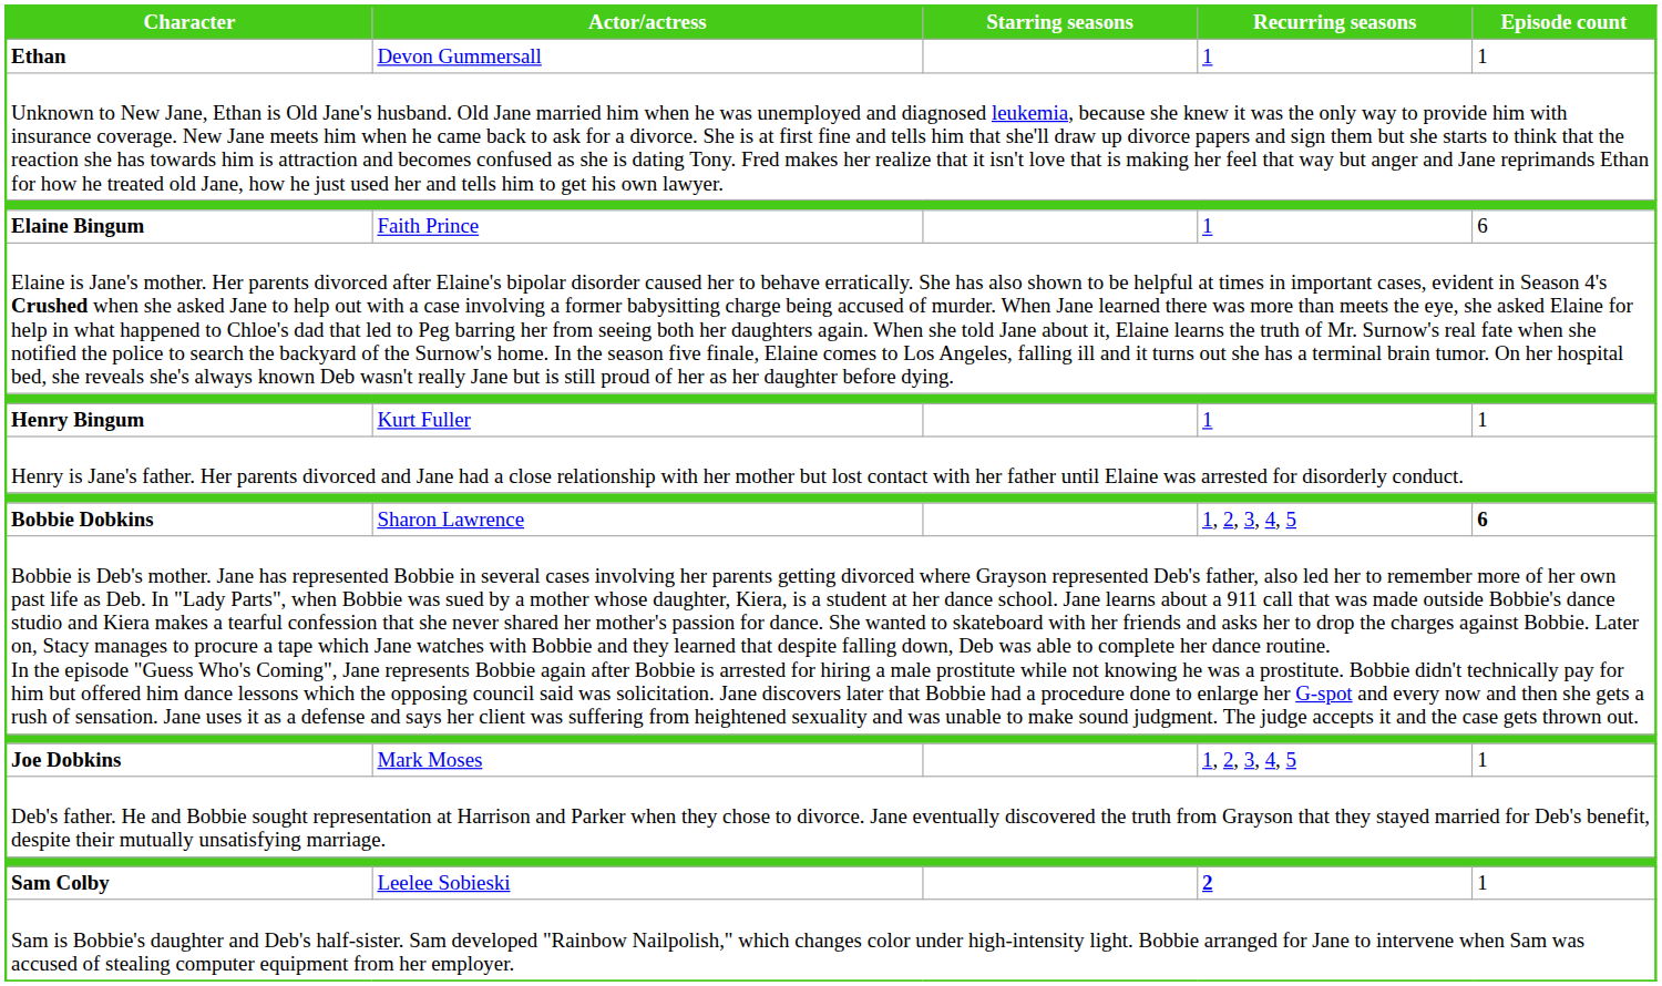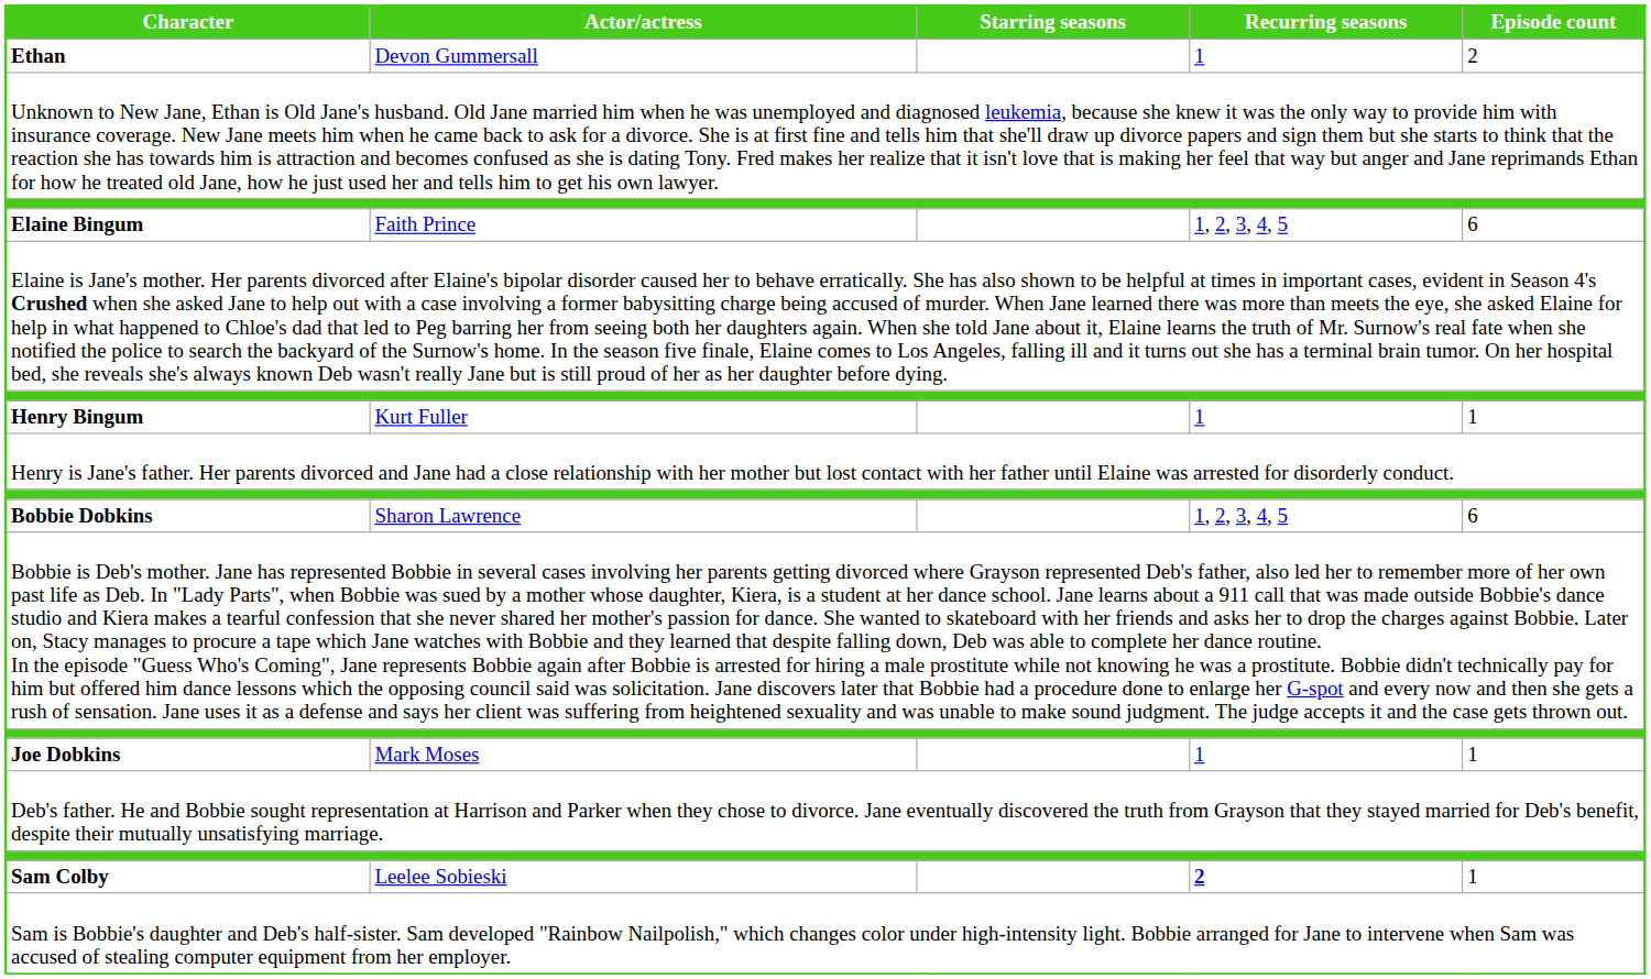 <table class="wikitable sortable collapsible" style="width:100%; margin-right:auto; background: #FFFFFF; border:2px solid #46cb18;">
 <tr style="color:white">
 <th style="background-color:#46cb18; width:20%">Character</th>
 <th style="background-color:#46cb18; width:30%">Actor/actress</th>
 <th style="background-color:#46cb18; width:15%">Starring seasons</th>
 <th style="background-color:#46cb18; width:15%">Recurring seasons</th>
 <th style="background-color:#46cb18; width:10%">Episode count</th>
 </tr>
 <tr>
 <td><strong>Ethan</strong></td>
 <td><a href='#'>Devon Gummersall</a></td>
 <td></td>
 <td><a href='#'>1</a></td>
-<td>1</td>
+<td>2</td>
 </tr>
 <tr>
 <td colspan="6"><br>Unknown to New Jane, Ethan is Old Jane's husband. Old Jane married him when he was unemployed and diagnosed <a href='#'>leukemia</a>, because she knew it was the only way to provide him with insurance coverage. New Jane meets him when he came back to ask for a divorce. She is at first fine and tells him that she'll draw up divorce papers and sign them but she starts to think that the reaction she has towards him is attraction and becomes confused as she is dating Tony. Fred makes her realize that it isn't love that is making her feel that way but anger and Jane reprimands Ethan for how he treated old Jane, how he just used her and tells him to get his own lawyer.</td>
 </tr>
 <tr>
 <td colspan="6" bgcolor="#46cb18"></td>
 </tr>
 <tr>
 <td><strong>Elaine Bingum</strong></td>
 <td><a href='#'>Faith Prince</a></td>
 <td></td>
-<td><a href='#'>1</a></td>
+<td><a href='#'>1</a>, <a href='#'>2</a>, <a href='#'>3</a>, <a href='#'>4</a>, <a href='#'>5</a></td>
 <td>6</td>
 </tr>
 <tr>
 <td colspan="6"><br>Elaine is Jane's mother. Her parents divorced after Elaine's bipolar disorder caused her to behave erratically. She has also shown to be helpful at times in important cases, evident in Season 4's <strong>Crushed</strong> when she asked Jane to help out with a case involving a former babysitting charge being accused of murder. When Jane learned there was more than meets the eye, she asked Elaine for help in what happened to Chloe's dad that led to Peg barring her from seeing both her daughters again. When she told Jane about it, Elaine learns the truth of Mr. Surnow's real fate when she notified the police to search the backyard of the Surnow's home. In the season five finale, Elaine comes to Los Angeles, falling ill and it turns out she has a terminal brain tumor. On her hospital bed, she reveals she's always known Deb wasn't really Jane but is still proud of her as her daughter before dying.</td>
 </tr>
 <tr>
 <td colspan="6" bgcolor="#46cb18"></td>
 </tr>
 <tr>
 <td><strong>Henry Bingum</strong></td>
 <td><a href='#'>Kurt Fuller</a></td>
 <td></td>
 <td><a href='#'>1</a></td>
 <td>1</td>
 </tr>
 <tr>
 <td colspan="6"><br>Henry is Jane's father. Her parents divorced and Jane had a close relationship with her mother but lost contact with her father until Elaine was arrested for disorderly conduct.</td>
 </tr>
 <tr>
 <td colspan="6" bgcolor="#46cb18"></td>
 </tr>
 <tr>
 <td><strong>Bobbie Dobkins</strong></td>
 <td><a href='#'>Sharon Lawrence</a></td>
 <td></td>
 <td><a href='#'>1</a>, <a href='#'>2</a>, <a href='#'>3</a>, <a href='#'>4</a>, <a href='#'>5</a></td>
-<td><strong>6</strong></td>
+<td>6</td>
 </tr>
 <tr>
 <td colspan="6"><br> Bobbie is Deb's mother. Jane has represented Bobbie in several cases involving her parents getting divorced where Grayson represented Deb's father, also led her to remember more of her own past life as Deb. In "Lady Parts", when Bobbie was sued by a mother whose daughter, Kiera, is a student at her dance school. Jane learns about a 911 call that was made outside Bobbie's dance studio and Kiera makes a tearful confession that she never shared her mother's passion for dance. She wanted to skateboard with her friends and asks her to drop the charges against Bobbie. Later on, Stacy manages to procure a tape which Jane watches with Bobbie and they learned that despite falling down, Deb was able to complete her dance routine.<br>In the episode "Guess Who's Coming", Jane represents Bobbie again after Bobbie is arrested for hiring a male prostitute while not knowing he was a prostitute. Bobbie didn't technically pay for him but offered him dance lessons which the opposing council said was solicitation. Jane discovers later that Bobbie had a procedure done to enlarge her <a href='#'>G-spot</a> and every now and then she gets a rush of sensation. Jane uses it as a defense and says her client was suffering from heightened sexuality and was unable to make sound judgment. The judge accepts it and the case gets thrown out.</td>
 </tr>
 <tr>
 <td colspan="6" bgcolor="#46cb18"></td>
 </tr>
 <tr>
 <td><strong>Joe Dobkins</strong></td>
 <td><a href='#'>Mark Moses</a></td>
 <td></td>
-<td><a href='#'>1</a>, <a href='#'>2</a>, <a href='#'>3</a>, <a href='#'>4</a>, <a href='#'>5</a></td>
+<td><a href='#'>1</a></td>
 <td>1</td>
 </tr>
 <tr>
 <td colspan="6"><br>Deb's father. He and Bobbie sought representation at Harrison and Parker when they chose to divorce. Jane eventually discovered the truth from Grayson that they stayed married for Deb's benefit, despite their mutually unsatisfying marriage.</td>
 </tr>
 <tr>
 <td colspan="6" bgcolor="#46cb18"></td>
 </tr>
 <tr>
 <td><strong>Sam Colby</strong></td>
 <td><a href='#'>Leelee Sobieski</a></td>
 <td></td>
 <td><strong><a href='#'>2</a></strong></td>
 <td>1</td>
 </tr>
 <tr>
 <td colspan="6"><br>Sam is Bobbie's daughter and Deb's half-sister. Sam developed "Rainbow Nailpolish," which changes color under high-intensity light. Bobbie arranged for Jane to intervene when Sam was accused of stealing computer equipment from her employer.</td>
 </tr>
 </table>
